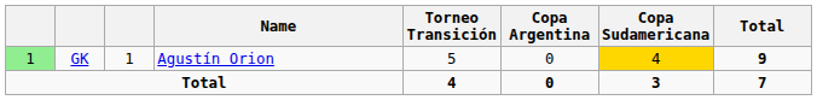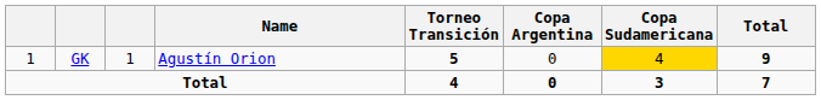 <table class="wikitable sortable" style="font-size: 95%; text-align: center;">
 <tr>
 <th width=35></th>
 <th width=35></th>
 <th width=35></th>
 <th width=200>Name</th>
 <th width=75>Torneo Transición</th>
 <th width= 75>Copa Argentina</th>
 <th width= 75>Copa Sudamericana</th>
 <th width= 75>Total</th>
 </tr>
 <tr>
-<td style="background: lightgreen;">1</td>
+<td>1</td>
 <td><a href='#'>GK</a></td>
 <td>1</td>
 <td align=left> <a href='#'>Agustín Orion</a></td>
-<td>5</td>
+<td><strong>5</strong></td>
 <td>0</td>
 <td style="background: gold;">4</td>
 <td><strong>9</strong></td>
 </tr>
 <tr>
 <td colspan=4><strong>Total</strong></td>
 <td><strong>4</strong></td>
 <td><strong>0</strong></td>
 <td><strong>3</strong></td>
 <td><strong>7</strong></td>
 </tr>
 </table>
